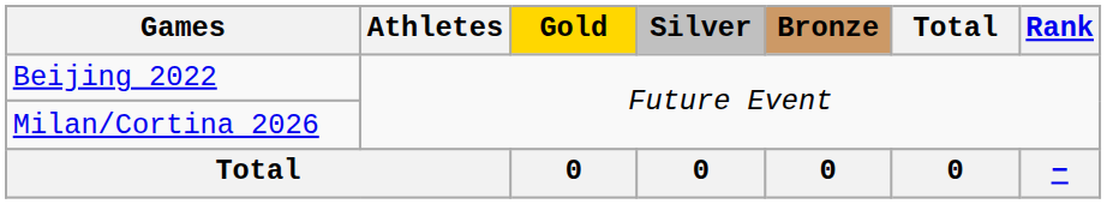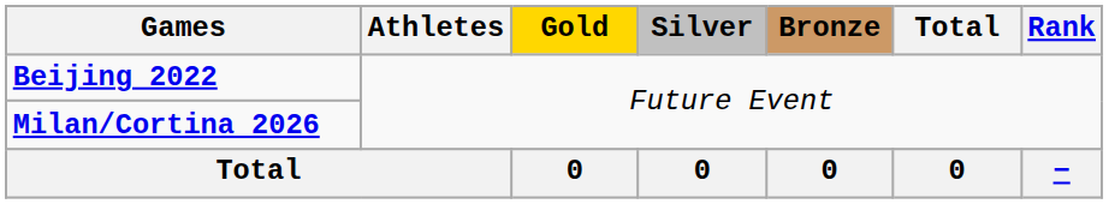 <table class="wikitable" style="text-align:center; font-size:90%;">
 <tr>
 <th style="width:12em;">Games</th>
 <th style="width:4em;">Athletes</th>
 <th style="width:4em; background:gold;">Gold</th>
 <th style="width:4em; background:silver;">Silver</th>
 <th style="width:4em; background:#cc9966;">Bronze</th>
 <th style="width:4em;">Total</th>
 <th style="width:2em;"><a href='#'>Rank</a></th>
 </tr>
 <tr>
-<td align=left> <a href='#'>Beijing 2022</a></td>
+<td align=left><strong> <a href='#'>Beijing 2022</a></strong></td>
 <td colspan=6; rowspan=2><em>Future Event</em></td>
 </tr>
 <tr>
-<td align=left> <a href='#'>Milan/Cortina 2026</a></td>
+<td align=left><strong> <a href='#'>Milan/Cortina 2026</a></strong></td>
 </tr>
 <tr>
 <th colspan=2>Total</th>
 <th>0</th>
 <th>0</th>
 <th>0</th>
 <th>0</th>
 <th><a href='#'>−</a></th>
 </tr>
 </table>
